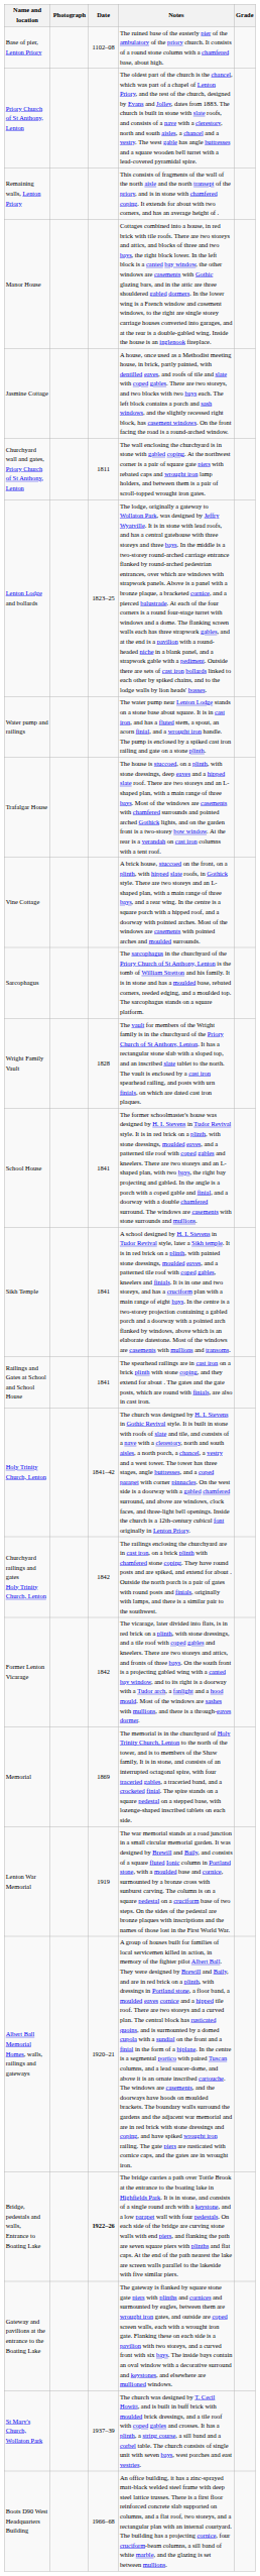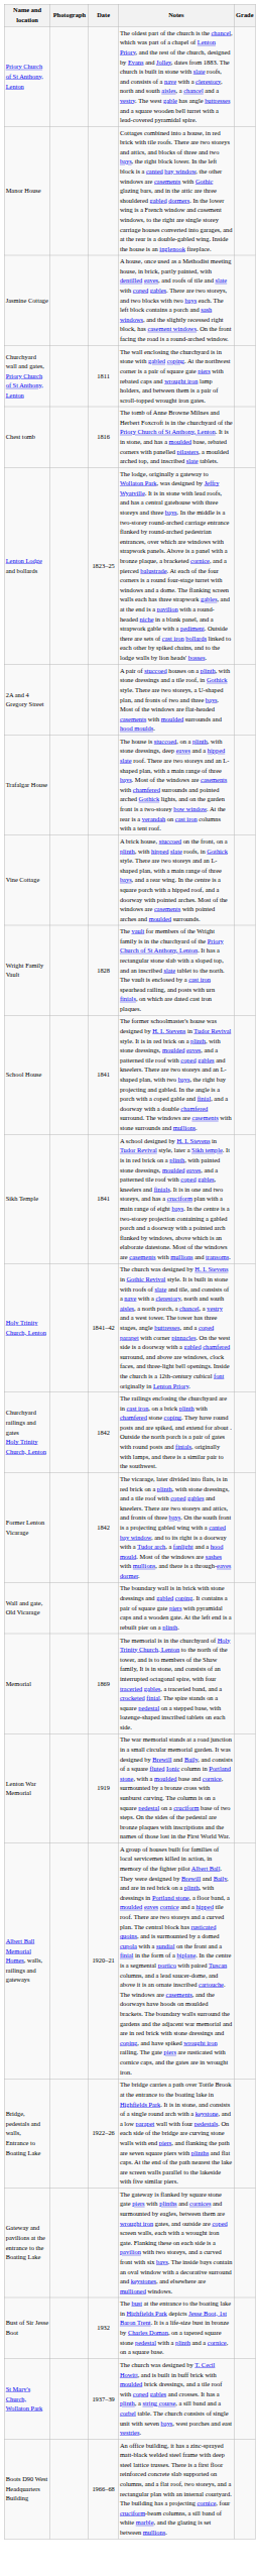 <table class="wikitable sortable plainrowheaders" style="width:100%; border:0px; text-align:left; line-height:150%">
 <tr>
 <th scope="col"  style="width:150px">Name and location</th>
 <th scope="col"  style="width:100px" class="unsortable">Photograph</th>
 <th scope="col"  style="width:120px">Date</th>
 <th scope="col"  style="width:650px" class="unsortable">Notes</th>
 <th scope="col"  style="width:50px">Grade</th>
 </tr>
 <tr>
-<td>Base of pier, <a href='#'>Lenton Priory</a><br><small></small></td>
-<td></td>
-<td align="center">1102–08</td>
-<td>The ruined base of the easterly <a href='#'>pier</a> of the <a href='#'>ambulatory</a> of the <a href='#'>priory</a> church.   It consists of a round stone column with a <a href='#'>chamfered</a> base, about  high.</td>
-<td align="center" ></td>
-</tr>
-<tr>
 <td><a href='#'>Priory Church of St Anthony, Lenton</a><br><small></small></td>
 <td></td>
 <td align="center"></td>
 <td>The oldest part of the church is the <a href='#'>chancel</a>, which was part of a chapel of <a href='#'>Lenton Priory</a>, and the rest of the church, designed by <a href='#'>Evans</a> and <a href='#'>Jolley</a>, dates from 1883.  The church is built in stone with <a href='#'>slate</a> roofs, and consists of a <a href='#'>nave</a> with a <a href='#'>clerestory</a>, north and south <a href='#'>aisles</a>, a <a href='#'>chancel</a> and a <a href='#'>vestry</a>.  The west <a href='#'>gable</a> has angle <a href='#'>buttresses</a> and a square wooden bell turret with a lead-covered pyramidal spire.</td>
-<td align="center" ></td>
-</tr>
-<tr>
-<td>Remaining walls, <a href='#'>Lenton Priory</a><br><small></small></td>
-<td></td>
-<td align="center"></td>
-<td>This consists of fragments of the wall of the north <a href='#'>aisle</a> and the north <a href='#'>transept</a> of the <a href='#'>priory</a>, and is in stone with <a href='#'>chamfered</a> <a href='#'>coping</a>.  It extends for about  with two corners, and has an average height of .</td>
 <td align="center" ></td>
 </tr>
 <tr>
 <td>Manor House<br><small></small></td>
 <td></td>
 <td align="center"></td>
 <td>Cottages combined into a house, in red brick with tile roofs. There are two storeys and attics, and blocks of three and two <a href='#'>bays</a>, the right block lower.  In the left block is a <a href='#'>canted</a> <a href='#'>bay window</a>, the other windows are <a href='#'>casements</a> with <a href='#'>Gothic</a> glazing bars, and in the attic are three shouldered <a href='#'>gabled</a> <a href='#'>dormers</a>.  In the lower wing is a French window and casement windows, to the right are single storey carriage houses converted into garages, and at the rear is a double-gabled wing.  Inside the house is an <a href='#'>inglenook</a> fireplace.</td>
 <td align="center" ></td>
 </tr>
 <tr>
 <td>Jasmine Cottage<br><small></small></td>
 <td></td>
 <td align="center"></td>
 <td>A house, once used as a Methodist meeting house, in brick, partly painted, with <a href='#'>dentilled</a> <a href='#'>eaves</a>, and roofs of tile and <a href='#'>slate</a> with <a href='#'>coped</a> <a href='#'>gables</a>.  There are two storeys, and two blocks with two <a href='#'>bays</a> each.  The left block contains a porch and <a href='#'>sash windows</a>, and the slightly recessed right block, has <a href='#'>casement windows</a>.  On the front facing the road is a round-arched window.</td>
 <td align="center" ></td>
 </tr>
 <tr>
 <td>Churchyard wall and gates,<br><a href='#'>Priory Church of St Anthony, Lenton</a><br><small></small></td>
 <td></td>
 <td align="center">1811</td>
 <td>The wall enclosing the churchyard is in stone with <a href='#'>gabled</a> <a href='#'>coping</a>.  At the northwest corner is a pair of square gate <a href='#'>piers</a> with rebated caps and <a href='#'>wrought iron</a> lamp holders, and between them is a pair of scroll-topped wrought iron gates.</td>
 <td align="center" ></td>
 </tr>
 <tr>
+<td>Chest tomb<br><small></small></td>
+<td></td>
+<td align="center">1816</td>
+<td>The tomb of Anne Browne Milnes and Herbert Foxcroft is in the churchyard of the <a href='#'>Priory Church of St Anthony, Lenton</a>.  It is in stone, and has a <a href='#'>moulded</a> base, rebated corners with panelled <a href='#'>pilasters</a>, a moulded arched top, and inscribed <a href='#'>slate</a> tablets.</td>
+<td align="center" ></td>
+</tr>
+<tr>
 <td><a href='#'>Lenton Lodge</a> and bollards<br><small></small></td>
 <td></td>
 <td align="center">1823–25</td>
 <td>The lodge, originally a gateway to <a href='#'>Wollaton Park</a>, was designed by <a href='#'>Jeffry Wyatville</a>.  It is in stone with lead roofs, and has a central gatehouse with three storeys and three <a href='#'>bays</a>.  In the middle is a two-storey round-arched carriage entrance flanked by round-arched pedestrian entrances, over which are windows with strapwork panels.  Above is a panel with a bronze plaque, a bracketed <a href='#'>cornice</a>, and a pierced <a href='#'>balustrade</a>.  At each of the four corners is a round four-stage turret with windows and a dome.  The flanking screen walls each has three strapwork <a href='#'>gables</a>, and at the end is a <a href='#'>pavilion</a> with a round-headed <a href='#'>niche</a> in a blank panel, and a strapwork gable with a <a href='#'>pediment</a>. Outside there are sets of <a href='#'>cast iron</a> <a href='#'>bollards</a> linked to each other by spiked chains, and to the lodge  walls by lion heads' <a href='#'>bosses</a>.</td>
 <td align="center" ></td>
 </tr>
 <tr>
-<td>Water pump and railings<br><small></small></td>
+<td>2A and 4 Gregory Street<br><small></small></td>
 <td></td>
 <td align="center"></td>
-<td>The water pump near <a href='#'>Lenton Lodge</a> stands on a stone base about  square.  It is in <a href='#'>cast iron</a>, and has a <a href='#'>fluted</a> stem, a spout, an acorn <a href='#'>finial</a>, and a <a href='#'>wrought iron</a> handle.  The pump is  enclosed by a spiked cast iron railing and gate on a stone <a href='#'>plinth</a>.</td>
+<td>A pair of <a href='#'>stuccoed</a> houses on a <a href='#'>plinth</a>, with stone dressings and a tile roof, in <a href='#'>Gothick</a> style.  There are two storeys, a U-shaped plan, and fronts of two and three <a href='#'>bays</a>. Most of the windows are flat-headed <a href='#'>casements</a> with <a href='#'>moulded</a> surrounds and <a href='#'>hood moulds</a>.</td>
 <td align="center" ></td>
 </tr>
 <tr>
 <td>Trafalgar House<br><small></small></td>
 <td></td>
 <td align="center"></td>
 <td>The house is <a href='#'>stuccoed</a>, on a <a href='#'>plinth</a>, with stone dressings, deep <a href='#'>eaves</a> and a <a href='#'>hipped</a> <a href='#'>slate</a> roof. There are two storeys and an L-shaped plan, with a main range of three <a href='#'>bays</a>.  Most of the windows are <a href='#'>casements</a> with <a href='#'>chamfered</a> surrounds and pointed arched <a href='#'>Gothick</a> lights, and on the garden front is a two-storey <a href='#'>bow window</a>.  At the rear is a <a href='#'>verandah</a> on <a href='#'>cast iron</a> columns with a tent roof.</td>
 <td align="center" ></td>
 </tr>
 <tr>
 <td>Vine Cottage<br><small></small></td>
 <td></td>
 <td align="center"></td>
 <td>A brick house, <a href='#'>stuccoed</a> on the front, on a <a href='#'>plinth</a>, with <a href='#'>hipped</a> <a href='#'>slate</a> roofs, in <a href='#'>Gothick</a> style.  There are two storeys and an L-shaped plan, with a main range of three <a href='#'>bays</a>, and a rear wing.  In the centre is a square porch with a hipped roof, and a doorway with pointed arches.  Most of the windows are <a href='#'>casements</a> with pointed arches and <a href='#'>moulded</a> surrounds.</td>
-<td align="center" ></td>
-</tr>
-<tr>
-<td>Sarcophagus<br><small></small></td>
-<td></td>
-<td align="center"></td>
-<td>The <a href='#'>sarcophagus</a> in the churchyard of the <a href='#'>Priory Church of St Anthony, Lenton</a> is the tomb of <a href='#'>William Stretton</a> and his family.  It is in stone and has a <a href='#'>moulded</a> base, rebated corners, reeded edging, and a moulded top. The sarcophagus stands on a square platform.</td>
 <td align="center" ></td>
 </tr>
 <tr>
 <td>Wright Family Vault<br><small></small></td>
 <td></td>
 <td align="center">1828</td>
 <td>The <a href='#'>vault</a> for members of the Wright family is in the churchyard of the <a href='#'>Priory Church of St Anthony, Lenton</a>.  It has a rectangular stone slab with a sloped top, and an inscribed <a href='#'>slate</a> tablet to the north.  The vault is enclosed by a <a href='#'>cast iron</a> spearhead railing, and posts with urn <a href='#'>finials</a>, on which are dated cast iron plaques.</td>
 <td align="center" ></td>
 </tr>
 <tr>
 <td>School House<br><small></small></td>
 <td></td>
 <td align="center">1841</td>
 <td>The former schoolmaster's house was designed by <a href='#'>H. I. Stevens</a> in <a href='#'>Tudor Revival</a> style.  It is in red brick on a <a href='#'>plinth</a>, with stone dressings, <a href='#'>moulded</a> <a href='#'>eaves</a>, and a patterned tile roof with <a href='#'>coped</a> <a href='#'>gables</a> and kneelers.  There are two storeys and an L-shaped plan, with two <a href='#'>bays</a>, the right bay projecting and gabled.  In the angle is a porch with a coped gable and <a href='#'>finial</a>, and a doorway with a double <a href='#'>chamfered</a> surround.  The windows are <a href='#'>casements</a> with stone surrounds and <a href='#'>mullions</a>.</td>
 <td align="center" ></td>
 </tr>
 <tr>
 <td>Sikh Temple<br><small></small></td>
 <td></td>
 <td align="center">1841</td>
 <td>A school designed by <a href='#'>H. I. Stevens</a> in <a href='#'>Tudor Revival</a> style, later a <a href='#'>Sikh temple</a>.  It is in red brick on a <a href='#'>plinth</a>, with painted stone dressings, <a href='#'>moulded</a> <a href='#'>eaves</a>, and a patterned tile roof with <a href='#'>coped</a> <a href='#'>gables</a>, kneelers and <a href='#'>finials</a>.  It is in one and two storeys, and has a <a href='#'>cruciform</a> plan with a main range of eight <a href='#'>bays</a>.  In the centre is a two-storey projection containing a gabled porch and a doorway with a pointed arch flanked by windows, above which is an elaborate datestone.  Most of the windows are <a href='#'>casements</a> with <a href='#'>mullions</a> and <a href='#'>transoms</a>.</td>
 <td align="center" ></td>
 </tr>
 <tr>
-<td>Railings and Gates at School and School House<br><small></small></td>
-<td></td>
-<td align="center">1841</td>
-<td>The spearhead railings are in <a href='#'>cast iron</a> on a brick <a href='#'>plinth</a> with stone <a href='#'>coping</a>, and they extend for about .  The gates and the gate posts, which are round with <a href='#'>finials</a>, are also in cast iron.</td>
-<td align="center" ></td>
-</tr>
-<tr>
 <td><a href='#'>Holy Trinity Church, Lenton</a><br><small></small></td>
 <td></td>
 <td align="center">1841–42</td>
 <td>The church was designed by <a href='#'>H. I. Stevens</a> in <a href='#'>Gothic Revival</a> style. It is built in stone with roofs of <a href='#'>slate</a> and tile, and consists of a <a href='#'>nave</a> with a <a href='#'>clerestory</a>, north and south <a href='#'>aisles</a>, a north porch, a <a href='#'>chancel</a>, a <a href='#'>vestry</a> and a west tower.  The tower has three stages, angle <a href='#'>buttresses</a>, and a <a href='#'>coped</a> <a href='#'>parapet</a> with corner <a href='#'>pinnacles</a>.  On the west side is a doorway with a <a href='#'>gabled</a> <a href='#'>chamfered</a> surround, and above are windows, clock faces, and three-light bell openings.  Inside the church is a 12th-century cubical <a href='#'>font</a> originally in <a href='#'>Lenton Priory</a>.</td>
 <td align="center" ></td>
 </tr>
 <tr>
 <td>Churchyard railings and gates<br><a href='#'>Holy Trinity Church, Lenton</a><br><small></small></td>
 <td></td>
 <td align="center">1842</td>
 <td>The railings enclosing the churchyard are in <a href='#'>cast iron</a>, on a brick <a href='#'>plinth</a> with <a href='#'>chamfered</a> stone <a href='#'>coping</a>.  They have round posts and are spiked, and extend for about .  Outside the north porch is a pair of gates with round posts and <a href='#'>finials</a>, originally with lamps, and there is a similar pair to the southwest.</td>
 <td align="center" ></td>
 </tr>
 <tr>
 <td>Former Lenton Vicarage<br><small></small></td>
 <td></td>
 <td align="center">1842</td>
 <td>The vicarage, later divided into flats, is in red brick on a <a href='#'>plinth</a>, with stone dressings, and a tile roof with <a href='#'>coped</a> <a href='#'>gables</a> and kneelers. There are two storeys and attics, and fronts of three <a href='#'>bays</a>.  On the south front is a projecting gabled wing with a <a href='#'>canted</a> <a href='#'>bay window</a>, and to its right is a doorway with a <a href='#'>Tudor arch</a>, a <a href='#'>fanlight</a> and a <a href='#'>hood mould</a>.  Most of the windows are <a href='#'>sashes</a> with <a href='#'>mullions</a>, and there is a through-<a href='#'>eaves</a> <a href='#'>dormer</a>.</td>
+<td align="center" ></td>
+</tr>
+<tr>
+<td>Wall and gate, Old Vicarage<br><small></small></td>
+<td></td>
+<td align="center"></td>
+<td>The boundary wall is in brick with stone dressings and <a href='#'>gabled</a> <a href='#'>coping</a>.  It contains a pair of square gate <a href='#'>piers</a> with pyramidal caps and a wooden gate.  At the left end is a rebuilt pier on a <a href='#'>plinth</a>.</td>
 <td align="center" ></td>
 </tr>
 <tr>
 <td>Memorial<br><small></small></td>
 <td></td>
 <td align="center">1869</td>
 <td>The memorial is in the churchyard of <a href='#'>Holy Trinity Church, Lenton</a> to the north of the tower, and is to members of the Shaw family, It is in stone, and consists of an interrupted octagonal spire, with four <a href='#'>traceried</a> <a href='#'>gables</a>, a traceried band, and a <a href='#'>crocketed</a> <a href='#'>finial</a>.  The spire stands on a square <a href='#'>pedestal</a> on a stepped base, with lozenge-shaped inscribed tablets on each side.</td>
 <td align="center" ></td>
 </tr>
 <tr>
 <td>Lenton War Memorial<br><small></small></td>
 <td></td>
 <td align="center">1919</td>
 <td>The war memorial stands at a road junction in a small circular memorial garden.  It was designed by <a href='#'>Brewill</a> and <a href='#'>Baily</a>, and consists of a square <a href='#'>fluted</a> <a href='#'>Ionic</a> column in <a href='#'>Portland stone</a>, with a <a href='#'>moulded</a> base and <a href='#'>cornice</a>, surmounted by a bronze cross with sunburst carving.  The column is on a square <a href='#'>pedestal</a> on a <a href='#'>cruciform</a> base of two steps.  On the sides of the pedestal are bronze plaques with inscriptions and the names of those lost in the First World War.</td>
 <td align="center" ></td>
 </tr>
 <tr>
 <td><a href='#'>Albert Ball Memorial Homes</a>, walls, railings and gateways<br><small></small></td>
 <td></td>
 <td align="center">1920–21</td>
 <td>A group of houses built for families of local servicemen killed in action, in memory of the fighter pilot <a href='#'>Albert Ball</a>.  They were designed by <a href='#'>Brewill</a> and <a href='#'>Baily</a>, and are in red brick on a <a href='#'>plinth</a>, with dressings in <a href='#'>Portland stone</a>, a floor band, a <a href='#'>moulded</a> <a href='#'>eaves</a> <a href='#'>cornice</a> and a <a href='#'>hipped</a> tile roof.  There are two storeys and a curved plan.  The central block has <a href='#'>rusticated</a> <a href='#'>quoins</a>, and is surmounted by a domed <a href='#'>cupola</a> with a <a href='#'>sundial</a> on the front and a <a href='#'>finial</a> in the form of a <a href='#'>biplane</a>.  In the centre is a segmental <a href='#'>portico</a> with paired <a href='#'>Tuscan</a> columns, and a lead saucer-dome, and above it is an ornate inscribed <a href='#'>cartouche</a>.  The windows are <a href='#'>casements</a>, and the doorways have hoods on moulded brackets.  The boundary walls surround the gardens and the adjacent war memorial and are in red brick with stone dressings and <a href='#'>coping</a>, and have spiked <a href='#'>wrought iron</a> railing. The gate <a href='#'>piers</a> are rusticated with cornice caps, and the gates are in wrought iron.</td>
 <td align="center" ></td>
 </tr>
 <tr>
 <td>Bridge, pedestals and walls,<br>Entrance to Boating Lake<br><small></small></td>
 <td></td>
-<td align="center"><strong>1922–26</strong></td>
+<td align="center">1922–26</td>
 <td>The bridge carries a path over Tottle Brook at the entrance to the boating lake in <a href='#'>Highfields Park</a>.  It is in stone, and consists of a single round arch with a <a href='#'>keystone</a>, and a low <a href='#'>parapet</a> wall with four <a href='#'>pedestals</a>.  On each side of the bridge are curving stone walls with end <a href='#'>piers</a>, and flanking the path are seven square piers with <a href='#'>plinths</a> and flat caps.  At the end of the path nearest the lake are screen walls parallel to the lakeside with five similar piers.</td>
 <td align="center" ></td>
 </tr>
 <tr>
 <td>Gateway and pavilions at the entrance to the Boating Lake<br><small></small></td>
 <td></td>
 <td align="center"></td>
 <td>The gateway is flanked by square stone gate <a href='#'>piers</a> with <a href='#'>plinths</a> and <a href='#'>cornices</a> and surmounted by eagles, between them are <a href='#'>wrought iron</a> gates, and outside are <a href='#'>coped</a> screen walls, each with a wrought iron gate.  Flanking these on each side is a <a href='#'>pavilion</a> with two storeys, and a curved front with six <a href='#'>bays</a>.  The inside bays contain an oval window with a decorative surround and <a href='#'>keystones</a>, and elsewhere are <a href='#'>mullioned</a> windows.</td>
+<td align="center" ></td>
+</tr>
+<tr>
+<td>Bust of Sir Jesse Boot<br><small></small></td>
+<td></td>
+<td align="center">1932</td>
+<td>The <a href='#'>bust</a> at the entrance to the boating lake in <a href='#'>Highfields Park</a> depicts <a href='#'>Jesse Boot, 1st Baron Trent</a>.  It is a life-size bust in bronze by <a href='#'>Charles Doman</a>, on a tapered square stone <a href='#'>pedestal</a> with a <a href='#'>plinth</a> and a <a href='#'>cornice</a>, on a square base.</td>
 <td align="center" ></td>
 </tr>
 <tr>
 <td><a href='#'>St Mary's Church, Wollaton Park</a><br><small></small></td>
 <td></td>
 <td align="center">1937–39</td>
 <td>The church was designed by <a href='#'>T. Cecil Howitt</a>, and is built in buff brick with <a href='#'>moulded</a> brick dressings, and a tile roof with <a href='#'>coped</a> <a href='#'>gables</a> and crosses.  It has a <a href='#'>plinth</a>, a <a href='#'>string course</a>, a sill band and a <a href='#'>corbel</a> table.  The church consists of single unit with seven <a href='#'>bays</a>, west porches and east <a href='#'>vestries</a>.</td>
 <td align="center" ></td>
 </tr>
 <tr>
 <td>Boots D90 West Headquarters Building<br><small></small></td>
 <td></td>
 <td align="center">1966–68</td>
 <td>An office building, it has a zinc-sprayed matt-black welded steel frame with deep steel lattice trusses. There is a first floor reinforced concrete slab supported on columns, and a flat roof, two storeys, and a rectangular plan with an internal courtyard. The building has a projecting <a href='#'>cornice</a>, four <a href='#'>cruciform</a>-beam columns, a sill band of white <a href='#'>marble</a>, and the glazing is set between <a href='#'>mullions</a>.</td>
 <td align="center" ></td>
 </tr>
 <tr>
 </tr>
 </table>
